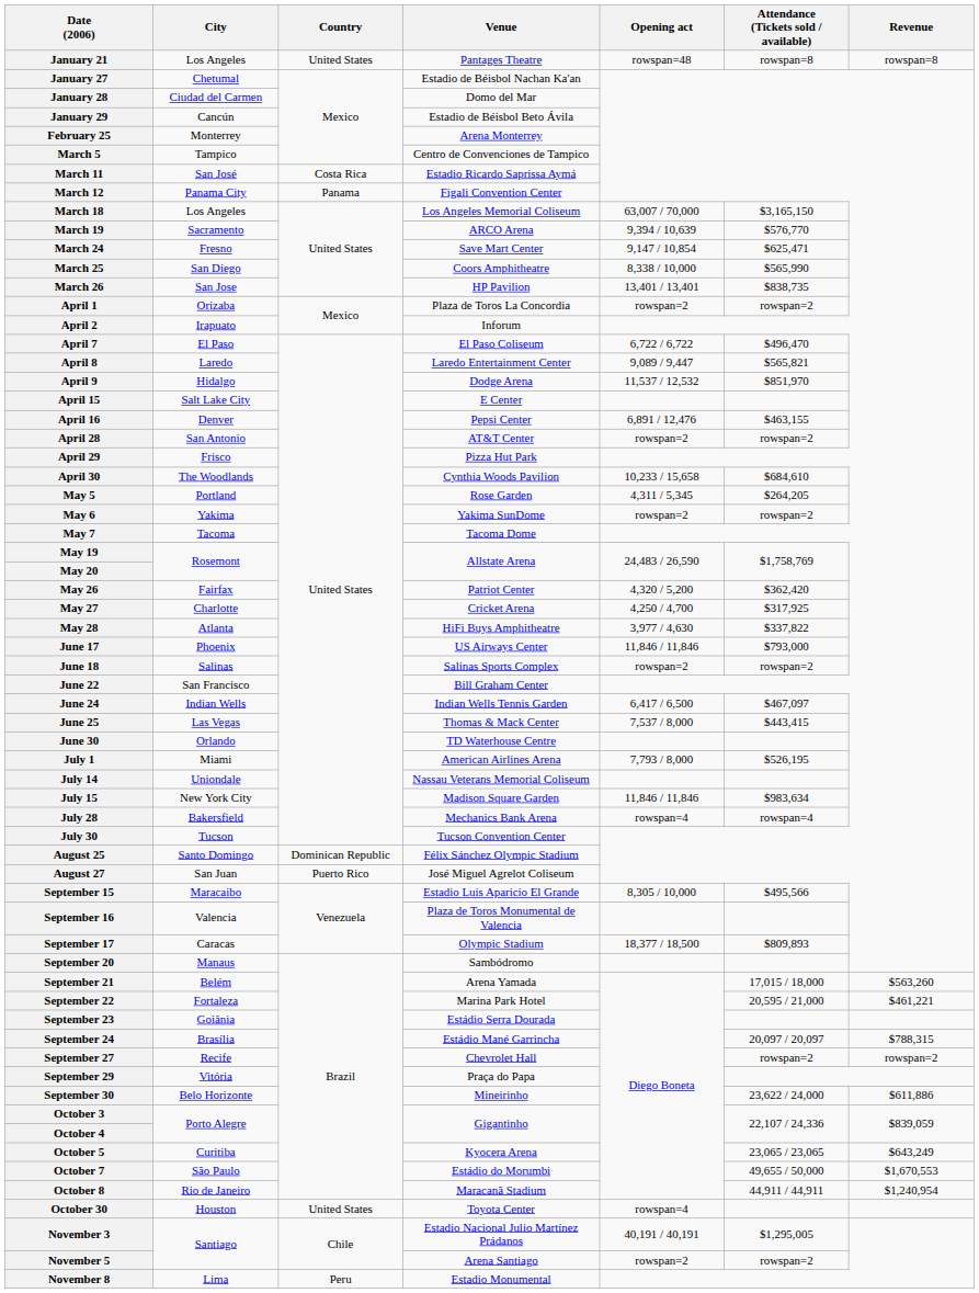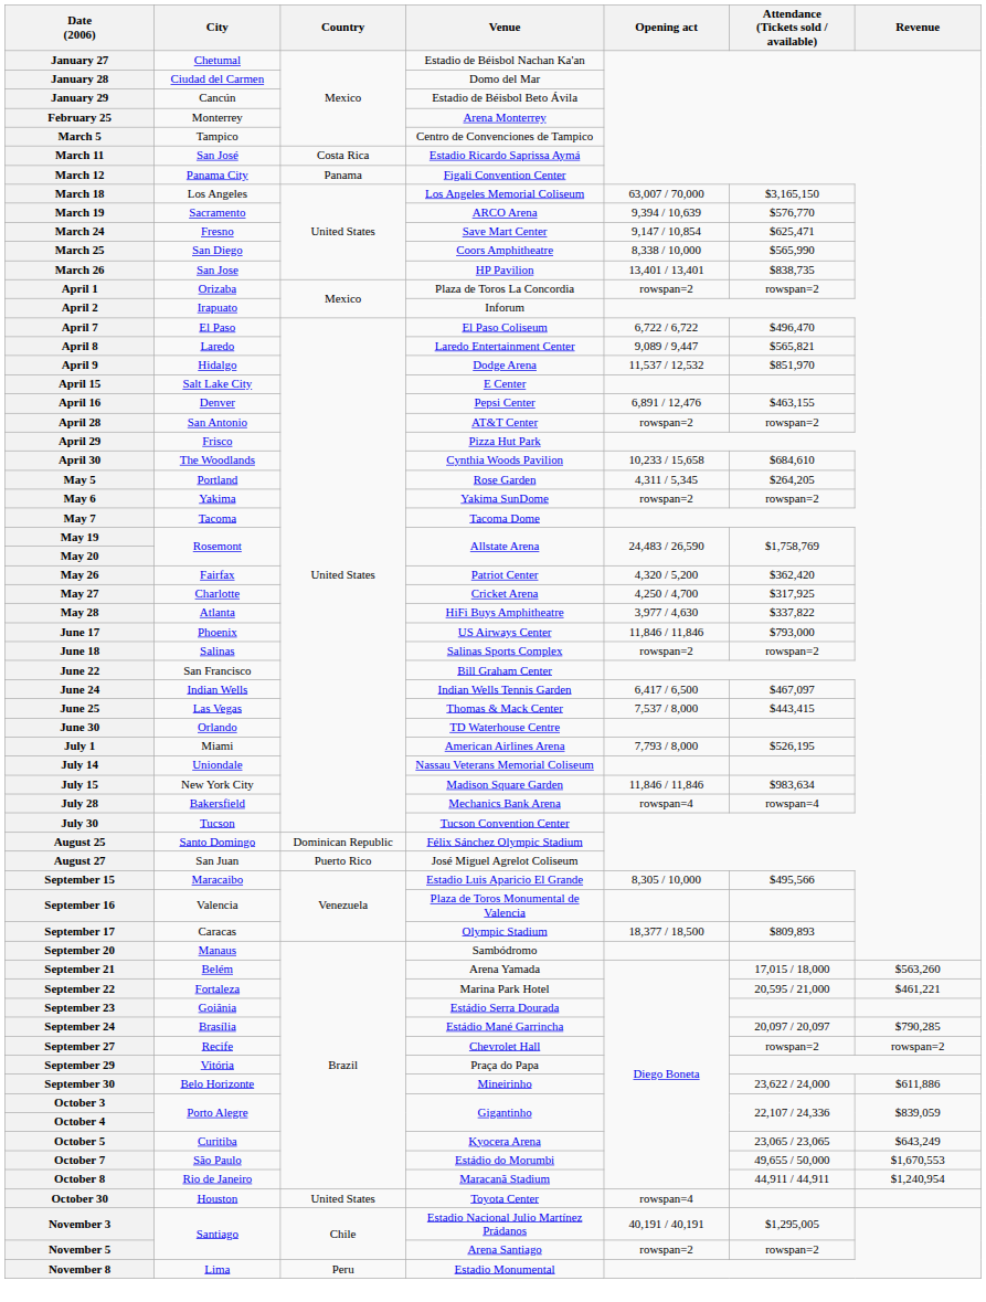 <table class="wikitable plainrowheaders" style="text-align:center;">
 <tr>
 <th scope="col" style="width:12em;">Date<br>(2006)</th>
 <th scope="col" style="width:10em;">City</th>
 <th scope="col" style="width:10em;">Country</th>
 <th scope="col" style="width:16em;">Venue</th>
 <th scope="col" style="width:10em;">Opening act</th>
 <th scope="col" style="width:10em;">Attendance <br>(Tickets sold / available)</th>
 <th scope="col" style="width:10em;">Revenue</th>
-</tr>
-<tr>
-<th scope="row" style="text-align:center;">January 21</th>
-<td>Los Angeles</td>
-<td>United States</td>
-<td><a href='#'>Pantages Theatre</a></td>
-<td>rowspan=48 </td>
-<td>rowspan=8 </td>
-<td>rowspan=8 </td>
 </tr>
 <tr>
 <th scope="row" style="text-align:center;">January 27</th>
 <td><a href='#'>Chetumal</a></td>
 <td rowspan=5>Mexico</td>
 <td>Estadio de Béisbol Nachan Ka'an</td>
 </tr>
 <tr>
 <th scope="row" style="text-align:center;">January 28</th>
 <td><a href='#'>Ciudad del Carmen</a></td>
 <td>Domo del Mar</td>
 </tr>
 <tr>
 <th scope="row" style="text-align:center;">January 29</th>
 <td>Cancún</td>
 <td>Estadio de Béisbol Beto Ávila</td>
 </tr>
 <tr>
 <th scope="row" style="text-align:center;">February 25</th>
 <td>Monterrey</td>
 <td><a href='#'>Arena Monterrey</a></td>
 </tr>
 <tr>
 <th scope="row" style="text-align:center;">March 5</th>
 <td>Tampico</td>
 <td>Centro de Convenciones de Tampico</td>
 </tr>
 <tr>
 <th scope="row" style="text-align:center;">March 11</th>
 <td><a href='#'>San José</a></td>
 <td>Costa Rica</td>
 <td><a href='#'>Estadio Ricardo Saprissa Aymá</a></td>
 </tr>
 <tr>
 <th scope="row" style="text-align:center;">March 12</th>
 <td><a href='#'>Panama City</a></td>
 <td>Panama</td>
 <td><a href='#'>Figali Convention Center</a></td>
 </tr>
 <tr>
 <th scope="row" style="text-align:center;">March 18</th>
 <td>Los Angeles</td>
 <td rowspan=5>United States</td>
 <td><a href='#'>Los Angeles Memorial Coliseum</a></td>
 <td>63,007 / 70,000</td>
 <td>$3,165,150</td>
 </tr>
 <tr>
 <th scope="row" style="text-align:center;">March 19</th>
 <td><a href='#'>Sacramento</a></td>
 <td><a href='#'>ARCO Arena</a></td>
 <td>9,394 / 10,639</td>
 <td>$576,770</td>
 </tr>
 <tr>
 <th scope="row" style="text-align:center;">March 24</th>
 <td><a href='#'>Fresno</a></td>
 <td><a href='#'>Save Mart Center</a></td>
 <td>9,147 / 10,854</td>
 <td>$625,471</td>
 </tr>
 <tr>
 <th scope="row" style="text-align:center;">March 25</th>
 <td><a href='#'>San Diego</a></td>
 <td><a href='#'>Coors Amphitheatre</a></td>
 <td>8,338 / 10,000</td>
 <td>$565,990</td>
 </tr>
 <tr>
 <th scope="row" style="text-align:center;">March 26</th>
 <td><a href='#'>San Jose</a></td>
 <td><a href='#'>HP Pavilion</a></td>
 <td>13,401 / 13,401</td>
 <td>$838,735</td>
 </tr>
 <tr>
 <th scope="row" style="text-align:center;">April 1</th>
 <td><a href='#'>Orizaba</a></td>
 <td rowspan=2>Mexico</td>
 <td>Plaza de Toros La Concordia</td>
 <td>rowspan=2 </td>
 <td>rowspan=2 </td>
 </tr>
 <tr>
 <th scope="row" style="text-align:center;">April 2</th>
 <td><a href='#'>Irapuato</a></td>
 <td>Inforum</td>
 </tr>
 <tr>
 <th scope="row" style="text-align:center;">April 7</th>
 <td><a href='#'>El Paso</a></td>
 <td rowspan=27>United States</td>
 <td><a href='#'>El Paso Coliseum</a></td>
 <td>6,722 / 6,722</td>
 <td>$496,470</td>
 </tr>
 <tr>
 <th scope="row" style="text-align:center;">April 8</th>
 <td><a href='#'>Laredo</a></td>
 <td><a href='#'>Laredo Entertainment Center</a></td>
 <td>9,089 / 9,447</td>
 <td>$565,821</td>
 </tr>
 <tr>
 <th scope="row" style="text-align:center;">April 9</th>
 <td><a href='#'>Hidalgo</a></td>
 <td><a href='#'>Dodge Arena</a></td>
 <td>11,537 / 12,532</td>
 <td>$851,970</td>
 </tr>
 <tr>
 <th scope="row" style="text-align:center;">April 15</th>
 <td><a href='#'>Salt Lake City</a></td>
 <td><a href='#'>E Center</a></td>
 <td></td>
 <td></td>
 </tr>
 <tr>
 <th scope="row" style="text-align:center;">April 16</th>
 <td><a href='#'>Denver</a></td>
 <td><a href='#'>Pepsi Center</a></td>
 <td>6,891 / 12,476</td>
 <td>$463,155</td>
 </tr>
 <tr>
 <th scope="row" style="text-align:center;">April 28</th>
 <td><a href='#'>San Antonio</a></td>
 <td><a href='#'>AT&T Center</a></td>
 <td>rowspan=2 </td>
 <td>rowspan=2 </td>
 </tr>
 <tr>
 <th scope="row" style="text-align:center;">April 29</th>
 <td><a href='#'>Frisco</a></td>
 <td><a href='#'>Pizza Hut Park</a></td>
 </tr>
 <tr>
 <th scope="row" style="text-align:center;">April 30</th>
 <td><a href='#'>The Woodlands</a></td>
 <td><a href='#'>Cynthia Woods Pavilion</a></td>
 <td>10,233 / 15,658</td>
 <td>$684,610</td>
 </tr>
 <tr>
 <th scope="row" style="text-align:center;">May 5</th>
 <td><a href='#'>Portland</a></td>
 <td><a href='#'>Rose Garden</a></td>
 <td>4,311 / 5,345</td>
 <td>$264,205</td>
 </tr>
 <tr>
 <th scope="row" style="text-align:center;">May 6</th>
 <td><a href='#'>Yakima</a></td>
 <td><a href='#'>Yakima SunDome</a></td>
 <td>rowspan=2 </td>
 <td>rowspan=2 </td>
 </tr>
 <tr>
 <th scope="row" style="text-align:center;">May 7</th>
 <td><a href='#'>Tacoma</a></td>
 <td><a href='#'>Tacoma Dome</a></td>
 </tr>
 <tr>
 <th scope="row" style="text-align:center;">May 19</th>
 <td rowspan=2><a href='#'>Rosemont</a></td>
 <td rowspan=2><a href='#'>Allstate Arena</a></td>
 <td rowspan=2>24,483 / 26,590</td>
 <td rowspan=2>$1,758,769</td>
 </tr>
 <tr>
 <th scope="row" style="text-align:center;">May 20</th>
 </tr>
 <tr>
 <th scope="row" style="text-align:center;">May 26</th>
 <td><a href='#'>Fairfax</a></td>
 <td><a href='#'>Patriot Center</a></td>
 <td>4,320 / 5,200</td>
 <td>$362,420</td>
 </tr>
 <tr>
 <th scope="row" style="text-align:center;">May 27</th>
 <td><a href='#'>Charlotte</a></td>
 <td><a href='#'>Cricket Arena</a></td>
 <td>4,250 / 4,700</td>
 <td>$317,925</td>
 </tr>
 <tr>
 <th scope="row" style="text-align:center;">May 28</th>
 <td><a href='#'>Atlanta</a></td>
 <td><a href='#'>HiFi Buys Amphitheatre</a></td>
 <td>3,977 / 4,630</td>
 <td>$337,822</td>
 </tr>
 <tr>
 <th scope="row" style="text-align:center;">June 17</th>
 <td><a href='#'>Phoenix</a></td>
 <td><a href='#'>US Airways Center</a></td>
 <td>11,846 / 11,846</td>
 <td>$793,000</td>
 </tr>
 <tr>
 <th scope="row" style="text-align:center;">June 18</th>
 <td><a href='#'>Salinas</a></td>
 <td><a href='#'>Salinas Sports Complex</a></td>
 <td>rowspan=2 </td>
 <td>rowspan=2 </td>
 </tr>
 <tr>
 <th scope="row" style="text-align:center;">June 22</th>
 <td>San Francisco</td>
 <td><a href='#'>Bill Graham Center</a></td>
 </tr>
 <tr>
 <th scope="row" style="text-align:center;">June 24</th>
 <td><a href='#'>Indian Wells</a></td>
 <td><a href='#'>Indian Wells Tennis Garden</a></td>
 <td>6,417 / 6,500</td>
 <td>$467,097</td>
 </tr>
 <tr>
 <th scope="row" style="text-align:center;">June 25</th>
 <td><a href='#'>Las Vegas</a></td>
 <td><a href='#'>Thomas & Mack Center</a></td>
 <td>7,537 / 8,000</td>
 <td>$443,415</td>
 </tr>
 <tr>
 <th scope="row" style="text-align:center;">June 30</th>
 <td><a href='#'>Orlando</a></td>
 <td><a href='#'>TD Waterhouse Centre</a></td>
 <td></td>
 <td></td>
 </tr>
 <tr>
 <th scope="row" style="text-align:center;">July 1</th>
 <td>Miami</td>
 <td><a href='#'>American Airlines Arena</a></td>
 <td>7,793 / 8,000</td>
 <td>$526,195</td>
 </tr>
 <tr>
 <th scope="row" style="text-align:center;">July 14</th>
 <td><a href='#'>Uniondale</a></td>
 <td><a href='#'>Nassau Veterans Memorial Coliseum</a></td>
 <td></td>
 <td></td>
 </tr>
 <tr>
 <th scope="row" style="text-align:center;">July 15</th>
 <td>New York City</td>
 <td><a href='#'>Madison Square Garden</a></td>
 <td>11,846 / 11,846</td>
 <td>$983,634</td>
 </tr>
 <tr>
 <th scope="row" style="text-align:center;">July 28</th>
 <td><a href='#'>Bakersfield</a></td>
 <td><a href='#'>Mechanics Bank Arena</a></td>
 <td>rowspan=4 </td>
 <td>rowspan=4 </td>
 </tr>
 <tr>
 <th scope="row" style="text-align:center;">July 30</th>
 <td><a href='#'>Tucson</a></td>
 <td><a href='#'>Tucson Convention Center</a></td>
 </tr>
 <tr>
 <th scope="row" style="text-align:center;">August 25</th>
 <td><a href='#'>Santo Domingo</a></td>
 <td>Dominican Republic</td>
 <td><a href='#'>Félix Sánchez Olympic Stadium</a></td>
 </tr>
 <tr>
 <th scope="row" style="text-align:center;">August 27</th>
 <td>San Juan</td>
 <td>Puerto Rico</td>
 <td>José Miguel Agrelot Coliseum</td>
 </tr>
 <tr>
 <th scope="row" style="text-align:center;">September 15</th>
 <td><a href='#'>Maracaibo</a></td>
 <td rowspan=3>Venezuela</td>
 <td><a href='#'>Estadio Luis Aparicio El Grande</a></td>
 <td>8,305 / 10,000</td>
 <td>$495,566</td>
 </tr>
 <tr>
 <th scope="row" style="text-align:center;">September 16</th>
 <td>Valencia</td>
 <td><a href='#'>Plaza de Toros Monumental de Valencia</a></td>
 <td></td>
 <td></td>
 </tr>
 <tr>
 <th scope="row" style="text-align:center;">September 17</th>
 <td>Caracas</td>
 <td><a href='#'>Olympic Stadium</a></td>
 <td>18,377 / 18,500</td>
 <td>$809,893</td>
 </tr>
 <tr>
 <th scope="row" style="text-align:center;">September 20</th>
 <td><a href='#'>Manaus</a></td>
 <td rowspan=13>Brazil</td>
 <td>Sambódromo</td>
 <td></td>
 <td></td>
 </tr>
 <tr>
 <th scope="row" style="text-align:center;">September 21</th>
 <td><a href='#'>Belém</a></td>
 <td>Arena Yamada</td>
 <td rowspan=12><a href='#'>Diego Boneta</a></td>
 <td>17,015 / 18,000</td>
 <td>$563,260</td>
 </tr>
 <tr>
 <th scope="row" style="text-align:center;">September 22</th>
 <td><a href='#'>Fortaleza</a></td>
 <td>Marina Park Hotel</td>
 <td>20,595 / 21,000</td>
 <td>$461,221</td>
 </tr>
 <tr>
 <th scope="row" style="text-align:center;">September 23</th>
 <td><a href='#'>Goiânia</a></td>
 <td><a href='#'>Estádio Serra Dourada</a></td>
 <td></td>
 <td></td>
 </tr>
 <tr>
 <th scope="row" style="text-align:center;">September 24</th>
 <td><a href='#'>Brasília</a></td>
 <td><a href='#'>Estádio Mané Garrincha</a></td>
 <td>20,097 / 20,097</td>
-<td>$788,315</td>
+<td>$790,285</td>
 </tr>
 <tr>
 <th scope="row" style="text-align:center;">September 27</th>
 <td><a href='#'>Recife</a></td>
 <td><a href='#'>Chevrolet Hall</a></td>
 <td>rowspan=2 </td>
 <td>rowspan=2 </td>
 </tr>
 <tr>
 <th scope="row" style="text-align:center;">September 29</th>
 <td><a href='#'>Vitória</a></td>
 <td>Praça do Papa</td>
 </tr>
 <tr>
 <th scope="row" style="text-align:center;">September 30</th>
 <td><a href='#'>Belo Horizonte</a></td>
 <td><a href='#'>Mineirinho</a></td>
 <td>23,622 / 24,000</td>
 <td>$611,886</td>
 </tr>
 <tr>
 <th scope="row" style="text-align:center;">October 3</th>
 <td rowspan=2><a href='#'>Porto Alegre</a></td>
 <td rowspan=2><a href='#'>Gigantinho</a></td>
 <td rowspan=2>22,107 / 24,336</td>
 <td rowspan=2>$839,059</td>
 </tr>
 <tr>
 <th scope="row" style="text-align:center;">October 4</th>
 </tr>
 <tr>
 <th scope="row" style="text-align:center;">October 5</th>
 <td><a href='#'>Curitiba</a></td>
 <td><a href='#'>Kyocera Arena</a></td>
 <td>23,065 / 23,065</td>
 <td>$643,249</td>
 </tr>
 <tr>
 <th scope="row" style="text-align:center;">October 7</th>
 <td><a href='#'>São Paulo</a></td>
 <td><a href='#'>Estádio do Morumbi</a></td>
 <td>49,655 / 50,000</td>
 <td>$1,670,553</td>
 </tr>
 <tr>
 <th scope="row" style="text-align:center;">October 8</th>
 <td><a href='#'>Rio de Janeiro</a></td>
 <td><a href='#'>Maracanã Stadium</a></td>
 <td>44,911 / 44,911</td>
 <td>$1,240,954</td>
 </tr>
 <tr>
 <th scope="row" style="text-align:center;">October 30</th>
 <td><a href='#'>Houston</a></td>
 <td>United States</td>
 <td><a href='#'>Toyota Center</a></td>
 <td>rowspan=4 </td>
 <td></td>
 <td></td>
 </tr>
 <tr>
 <th scope="row" style="text-align:center;">November 3</th>
 <td rowspan=2><a href='#'>Santiago</a></td>
 <td rowspan=2>Chile</td>
 <td><a href='#'>Estadio Nacional Julio Martínez Prádanos</a></td>
 <td>40,191 / 40,191</td>
 <td>$1,295,005</td>
 </tr>
 <tr>
 <th scope="row" style="text-align:center;">November 5</th>
 <td><a href='#'>Arena Santiago</a></td>
 <td>rowspan=2 </td>
 <td>rowspan=2 </td>
 </tr>
 <tr>
 <th scope="row" style="text-align:center;">November 8</th>
 <td><a href='#'>Lima</a></td>
 <td>Peru</td>
 <td><a href='#'>Estadio Monumental</a></td>
 </tr>
 </table>
